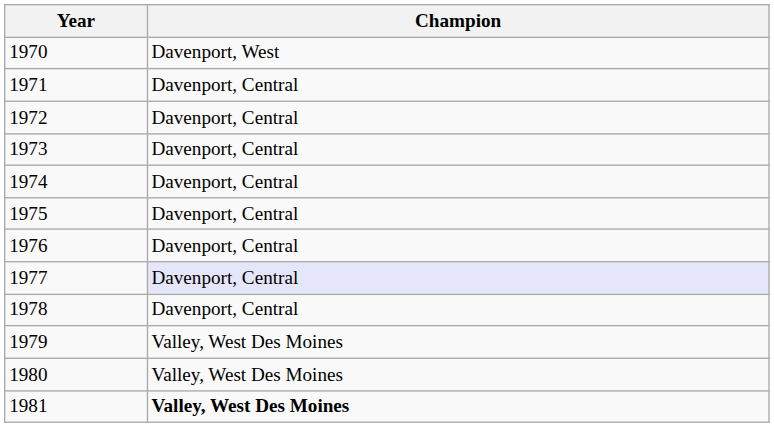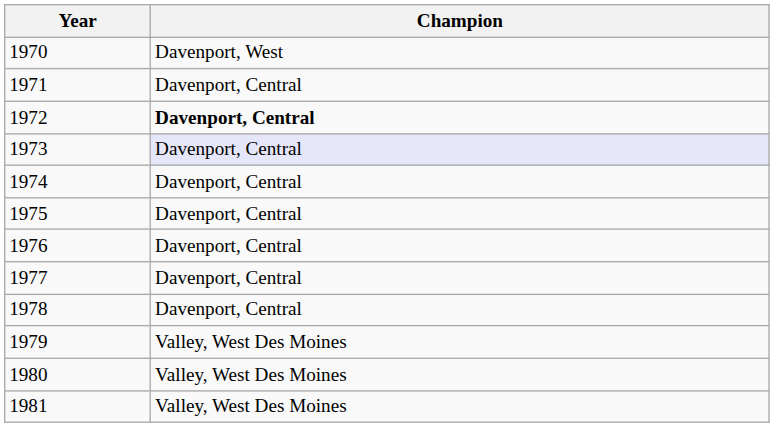 <table class="wikitable collapsible collapsed" style="font-size:88%; min-width:40em">
 <tr>
 <th>Year</th>
 <th>Champion</th>
 </tr>
 <tr>
 <td>1970</td>
 <td>Davenport, West</td>
 </tr>
 <tr>
 <td>1971</td>
 <td>Davenport, Central</td>
 </tr>
 <tr>
 <td>1972</td>
-<td>Davenport, Central</td>
+<td><strong>Davenport, Central</strong></td>
 </tr>
 <tr>
 <td>1973</td>
-<td>Davenport, Central</td>
+<td style="background: lavender;">Davenport, Central</td>
 </tr>
 <tr>
 <td>1974</td>
 <td>Davenport, Central</td>
 </tr>
 <tr>
 <td>1975</td>
 <td>Davenport, Central</td>
 </tr>
 <tr>
 <td>1976</td>
 <td>Davenport, Central</td>
 </tr>
 <tr>
 <td>1977</td>
-<td style="background: lavender;">Davenport, Central</td>
+<td>Davenport, Central</td>
 </tr>
 <tr>
 <td>1978</td>
 <td>Davenport, Central</td>
 </tr>
 <tr>
 <td>1979</td>
 <td>Valley, West Des Moines</td>
 </tr>
 <tr>
 <td>1980</td>
 <td>Valley, West Des Moines</td>
 </tr>
 <tr>
 <td>1981</td>
-<td><strong>Valley, West Des Moines</strong></td>
+<td>Valley, West Des Moines</td>
 </tr>
 </table>
